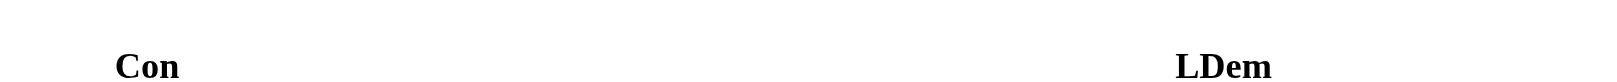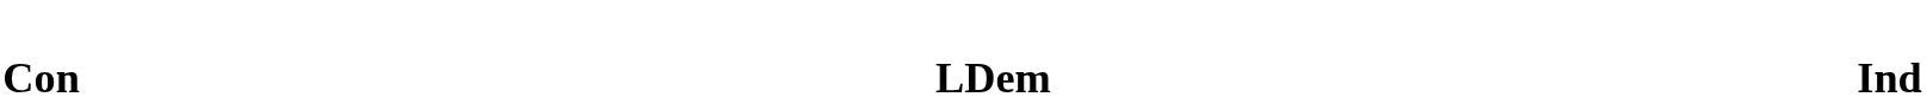 <table style="width:60%; text-align:center;">
 <tr style="color:white;">
 <td style="background:"><strong>33</strong></td>
 <td style="background:"><strong>6</strong></td>
+<td style="background:"><strong>2</strong></td>
 </tr>
 <tr>
 <td><span><strong>Con</strong></span></td>
 <td><span><strong>LDem</strong></span></td>
+<td><span><strong>Ind</strong></span></td>
 </tr>
 </table>
